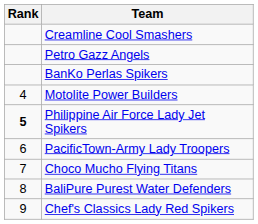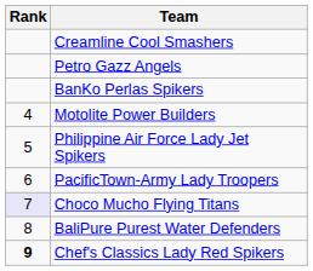 <table class="wikitable" style="text-align: center;">
 <tr>
 <th width=40>Rank</th>
 <th width=260>Team</th>
 </tr>
 <tr>
 <td></td>
 <td align="left"><a href='#'>Creamline Cool Smashers</a></td>
 </tr>
 <tr>
 <td></td>
 <td align="left"><a href='#'>Petro Gazz Angels</a></td>
 </tr>
 <tr>
 <td></td>
 <td align="left"><a href='#'>BanKo Perlas Spikers</a></td>
 </tr>
 <tr>
 <td>4</td>
 <td align="left"><a href='#'>Motolite Power Builders</a></td>
 </tr>
 <tr>
-<td><strong>5</strong></td>
+<td>5</td>
 <td align="left"><a href='#'>Philippine Air Force Lady Jet Spikers</a></td>
 </tr>
 <tr>
 <td>6</td>
 <td align="left"><a href='#'>PacificTown-Army Lady Troopers</a></td>
 </tr>
 <tr>
-<td>7</td>
+<td style="background: lavender;">7</td>
 <td align="left"><a href='#'>Choco Mucho Flying Titans</a></td>
 </tr>
 <tr>
 <td>8</td>
 <td align="left"><a href='#'>BaliPure Purest Water Defenders</a></td>
 </tr>
 <tr>
-<td>9</td>
+<td><strong>9</strong></td>
 <td align="left"><a href='#'>Chef's Classics Lady Red Spikers</a></td>
 </tr>
 </table>
